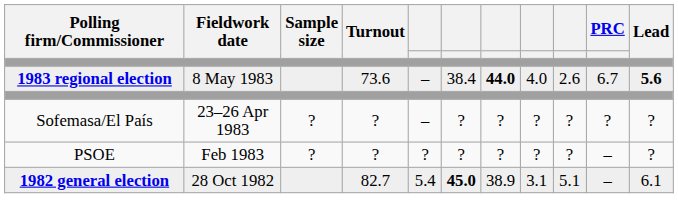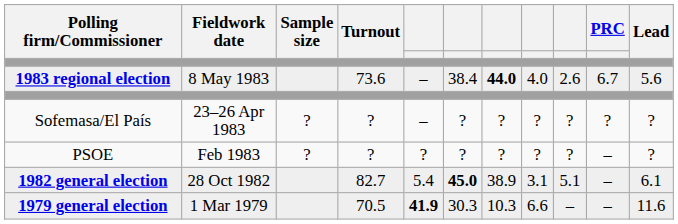 <table class="wikitable collapsible collapsed" style="text-align:center; font-size:95%; line-height:16px;">
 <tr style="height:42px;">
 <th style="width:250px;" rowspan="2">Polling firm/Commissioner</th>
 <th style="width:125px;" rowspan="2">Fieldwork date</th>
 <th style="width:50px;" rowspan="2">Sample size</th>
 <th style="width:45px;" rowspan="2">Turnout</th>
 <th style="width:35px;"></th>
 <th style="width:35px;"></th>
 <th style="width:35px;"></th>
 <th style="width:35px;"></th>
 <th style="width:35px;"></th>
 <th style="width:35px;"><a href='#'>PRC</a></th>
 <th style="width:30px;" rowspan="2">Lead</th>
 </tr>
 <tr>
 <th style="color:inherit;background:"></th>
 <th style="color:inherit;background:"></th>
 <th style="color:inherit;background:"></th>
 <th style="color:inherit;background:"></th>
 <th style="color:inherit;background:"></th>
 <th style="color:inherit;background:"></th>
 </tr>
 <tr>
 <td colspan="11" style="background:#A0A0A0"></td>
 </tr>
 <tr style="background:#EFEFEF;">
 <td><strong><a href='#'>1983 regional election</a></strong></td>
 <td>8 May 1983</td>
 <td></td>
 <td>73.6</td>
 <td>–</td>
 <td>38.4<br></td>
 <td><strong>44.0</strong><br></td>
 <td>4.0<br></td>
 <td>2.6<br></td>
 <td>6.7<br></td>
-<td style="background:"><strong>5.6</strong></td>
+<td style="background:">5.6</td>
 </tr>
 <tr>
 <td colspan="11" style="background:#A0A0A0"></td>
 </tr>
 <tr>
 <td>Sofemasa/El País</td>
 <td>23–26 Apr 1983</td>
 <td>?</td>
 <td>?</td>
 <td>–</td>
 <td>?<br></td>
 <td>?<br></td>
 <td>?<br></td>
 <td>?<br></td>
 <td>?<br></td>
 <td style="background:">?</td>
 </tr>
 <tr>
 <td>PSOE</td>
 <td>Feb 1983</td>
 <td>?</td>
 <td>?</td>
 <td>?<br></td>
 <td>?<br></td>
 <td>?<br></td>
 <td>?<br></td>
 <td>?<br></td>
 <td>–</td>
 <td style="background:">?</td>
 </tr>
 <tr style="background:#EFEFEF;">
 <td><strong><a href='#'>1982 general election</a></strong></td>
 <td>28 Oct 1982</td>
 <td></td>
 <td>82.7</td>
 <td>5.4<br></td>
 <td><strong>45.0</strong><br></td>
 <td>38.9<br></td>
 <td>3.1<br></td>
 <td>5.1<br></td>
 <td>–</td>
 <td style="background:">6.1</td>
 </tr>
+<tr style="background:#EFEFEF;">
+<td><strong><a href='#'>1979 general election</a></strong></td>
+<td>1 Mar 1979</td>
+<td></td>
+<td>70.5</td>
+<td><strong>41.9</strong><br></td>
+<td>30.3<br></td>
+<td>10.3<br></td>
+<td>6.6<br></td>
+<td>–</td>
+<td>–</td>
+<td style="background:">11.6</td>
+</tr>
 </table>
